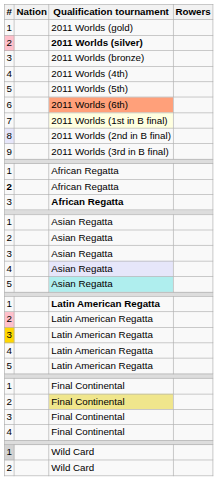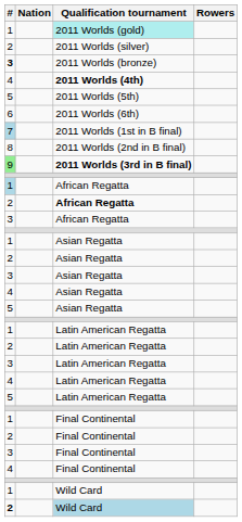 <table class="wikitable">
 <tr>
 <th>#</th>
 <th>Nation</th>
 <th>Qualification tournament</th>
 <th>Rowers</th>
 </tr>
 <tr>
 <td>1</td>
 <td></td>
-<td>2011 Worlds (gold)</td>
+<td style="background: paleturquoise;">2011 Worlds (gold)</td>
 <td></td>
 </tr>
 <tr>
-<td style="background: pink;">2</td>
+<td>2</td>
 <td></td>
-<td><strong>2011 Worlds (silver)</strong></td>
+<td>2011 Worlds (silver)</td>
 <td></td>
 </tr>
 <tr>
-<td>3</td>
+<td><strong>3</strong></td>
 <td></td>
 <td>2011 Worlds (bronze)</td>
 <td></td>
 </tr>
 <tr>
 <td>4</td>
 <td></td>
-<td>2011 Worlds (4th)</td>
+<td><strong>2011 Worlds (4th)</strong></td>
 <td></td>
 </tr>
 <tr>
 <td>5</td>
 <td></td>
 <td>2011 Worlds (5th)</td>
 <td></td>
 </tr>
 <tr>
 <td>6</td>
 <td></td>
-<td style="background: lightsalmon;">2011 Worlds (6th)</td>
+<td>2011 Worlds (6th)</td>
 <td></td>
 </tr>
 <tr>
-<td>7</td>
+<td style="background: lightblue;">7</td>
 <td></td>
-<td style="background: lightyellow;">2011 Worlds (1st in B final)</td>
+<td>2011 Worlds (1st in B final)</td>
 <td></td>
 </tr>
 <tr>
-<td style="background: lavender;">8</td>
+<td>8</td>
 <td></td>
 <td>2011 Worlds (2nd in B final)</td>
 <td></td>
 </tr>
 <tr>
-<td>9</td>
+<td style="background: lightgreen;">9</td>
 <td></td>
-<td>2011 Worlds (3rd in B final)</td>
+<td><strong>2011 Worlds (3rd in B final)</strong></td>
 <td></td>
 </tr>
 <tr bgcolor=#DDDDDD>
 <td colspan=4></td>
 </tr>
 <tr>
-<td>1</td>
+<td style="background: lightblue;">1</td>
 <td></td>
 <td>African Regatta</td>
 <td></td>
 </tr>
 <tr>
-<td><strong>2</strong></td>
+<td>2</td>
 <td></td>
-<td>African Regatta</td>
+<td><strong>African Regatta</strong></td>
 <td></td>
 </tr>
 <tr>
 <td>3</td>
 <td></td>
-<td><strong>African Regatta</strong></td>
+<td>African Regatta</td>
 <td></td>
 </tr>
 <tr bgcolor=#DDDDDD>
 <td colspan=4></td>
 </tr>
 <tr>
 <td>1</td>
 <td></td>
 <td>Asian Regatta</td>
 <td></td>
 </tr>
 <tr>
 <td>2</td>
 <td></td>
 <td>Asian Regatta</td>
 <td></td>
 </tr>
 <tr>
 <td>3</td>
 <td></td>
 <td>Asian Regatta</td>
 <td></td>
 </tr>
 <tr>
 <td>4</td>
 <td></td>
-<td style="background: lavender;">Asian Regatta</td>
+<td>Asian Regatta</td>
 <td></td>
 </tr>
 <tr>
 <td>5</td>
 <td></td>
-<td style="background: paleturquoise;">Asian Regatta</td>
+<td>Asian Regatta</td>
 <td></td>
 </tr>
 <tr bgcolor=#DDDDDD>
 <td colspan=4></td>
 </tr>
 <tr>
 <td>1</td>
 <td></td>
-<td><strong>Latin American Regatta</strong></td>
+<td>Latin American Regatta</td>
 <td></td>
 </tr>
 <tr>
-<td style="background: pink;">2</td>
+<td>2</td>
 <td></td>
 <td>Latin American Regatta</td>
 <td></td>
 </tr>
 <tr>
-<td style="background: gold;">3</td>
+<td>3</td>
 <td></td>
 <td>Latin American Regatta</td>
 <td></td>
 </tr>
 <tr>
 <td>4</td>
 <td></td>
 <td>Latin American Regatta</td>
 <td></td>
 </tr>
 <tr>
 <td>5</td>
 <td></td>
 <td>Latin American Regatta</td>
 <td></td>
 </tr>
 <tr bgcolor=#DDDDDD>
 <td colspan=4></td>
 </tr>
 <tr>
 <td>1</td>
 <td></td>
 <td>Final Continental</td>
 <td></td>
 </tr>
 <tr>
 <td>2</td>
 <td></td>
-<td style="background: khaki;">Final Continental</td>
+<td>Final Continental</td>
 <td></td>
 </tr>
 <tr>
 <td>3</td>
 <td></td>
 <td>Final Continental</td>
 <td></td>
 </tr>
 <tr>
 <td>4</td>
 <td></td>
 <td>Final Continental</td>
 <td></td>
 </tr>
 <tr bgcolor=#DDDDDD>
 <td colspan=4></td>
 </tr>
 <tr>
-<td style="background: lightgrey;">1</td>
+<td>1</td>
 <td></td>
 <td>Wild Card</td>
 <td></td>
 </tr>
 <tr>
-<td>2</td>
+<td><strong>2</strong></td>
 <td></td>
-<td>Wild Card</td>
+<td style="background: lightblue;">Wild Card</td>
 <td></td>
 </tr>
 </table>
